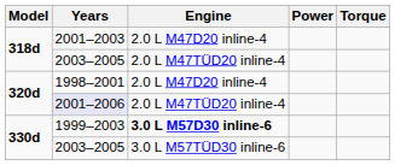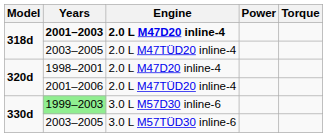 <table class="wikitable sortable">
 <tr style="vertical-align:middle;">
 <th>Model</th>
 <th>Years</th>
 <th>Engine</th>
 <th>Power</th>
 <th>Torque</th>
 </tr>
 <tr>
 <td rowspan=2><strong>318d</strong></td>
-<td>2001–2003</td>
-<td>2.0 L <a href='#'>M47D20</a> inline-4</td>
+<td><strong>2001–2003</strong></td>
+<td><strong>2.0 L <a href='#'>M47D20</a> inline-4</strong></td>
 <td></td>
 <td></td>
 </tr>
 <tr>
 <td>2003–2005</td>
 <td>2.0 L <a href='#'>M47TÜD20</a> inline-4</td>
 <td></td>
 <td></td>
 </tr>
 <tr>
 <td rowspan="2"><strong>320d</strong></td>
 <td>1998–2001</td>
 <td>2.0 L <a href='#'>M47D20</a> inline-4</td>
 <td></td>
 <td></td>
 </tr>
 <tr>
-<td style="background: lavender;">2001–2006</td>
+<td>2001–2006</td>
 <td>2.0 L <a href='#'>M47TÜD20</a> inline-4</td>
 <td></td>
 <td></td>
 </tr>
 <tr>
 <td rowspan=2><strong>330d</strong></td>
-<td>1999–2003</td>
-<td><strong>3.0 L <a href='#'>M57D30</a> inline-6</strong></td>
+<td style="background: lightgreen;">1999–2003</td>
+<td>3.0 L <a href='#'>M57D30</a> inline-6</td>
 <td></td>
 <td></td>
 </tr>
 <tr>
 <td>2003–2005</td>
 <td>3.0 L <a href='#'>M57TÜD30</a> inline-6</td>
 <td></td>
 <td></td>
 </tr>
 </table>
